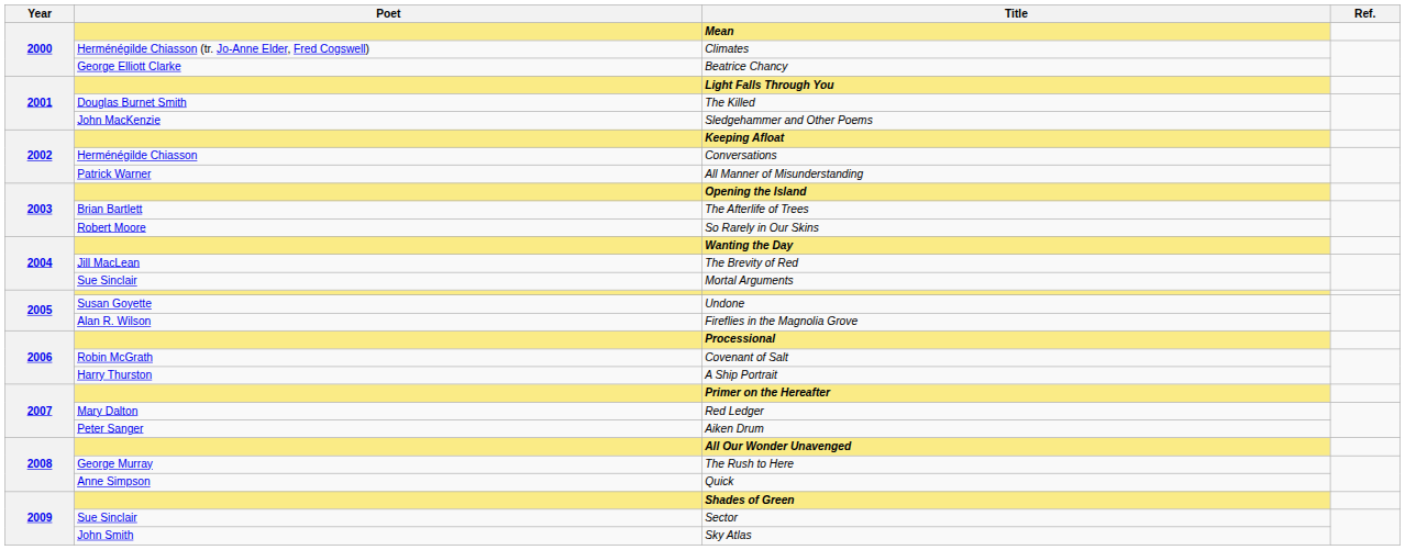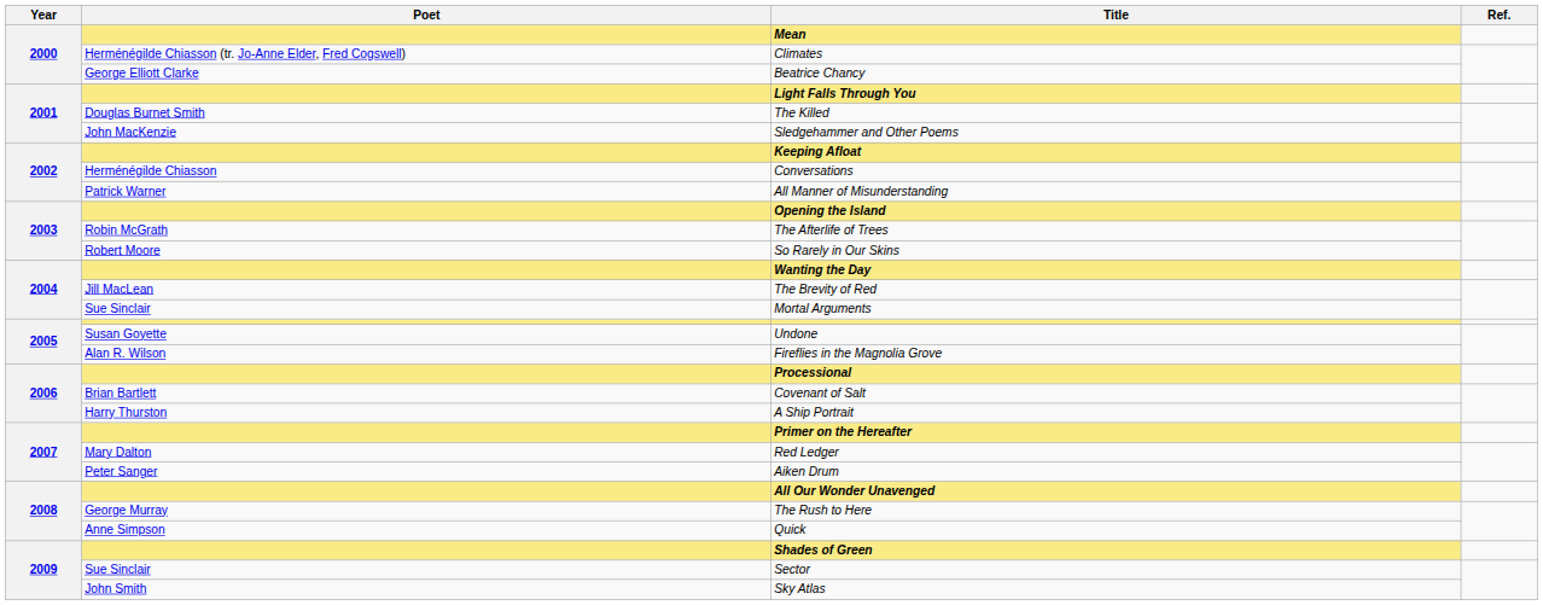 <table class="wikitable" width=100%>
 <tr>
 <th width=5%>Year</th>
 <th width=45%>Poet</th>
 <th width=45%>Title</th>
 <th width=5%>Ref.</th>
 </tr>
 <tr>
 <th rowspan=3><a href='#'>2000</a></th>
 <td style=background:#FAEB86><strong></strong></td>
 <td style=background:#FAEB86><strong><em>Mean</em></strong></td>
 <td></td>
 </tr>
 <tr>
 <td><a href='#'>Herménégilde Chiasson</a> (tr. <a href='#'>Jo-Anne Elder</a>, <a href='#'>Fred Cogswell</a>)</td>
 <td><em>Climates</em></td>
 <td rowspan=2></td>
 </tr>
 <tr>
 <td><a href='#'>George Elliott Clarke</a></td>
 <td><em>Beatrice Chancy</em></td>
 </tr>
 <tr>
 <th rowspan=3><a href='#'>2001</a></th>
 <td style=background:#FAEB86><strong></strong></td>
 <td style=background:#FAEB86><strong><em>Light Falls Through You</em></strong></td>
 <td></td>
 </tr>
 <tr>
 <td><a href='#'>Douglas Burnet Smith</a></td>
 <td><em>The Killed</em></td>
 <td rowspan=2></td>
 </tr>
 <tr>
 <td><a href='#'>John MacKenzie</a></td>
 <td><em>Sledgehammer and Other Poems</em></td>
 </tr>
 <tr>
 <th rowspan=3><a href='#'>2002</a></th>
 <td style=background:#FAEB86><strong></strong></td>
 <td style=background:#FAEB86><strong><em>Keeping Afloat</em></strong></td>
 <td></td>
 </tr>
 <tr>
 <td><a href='#'>Herménégilde Chiasson</a></td>
 <td><em>Conversations</em></td>
 <td rowspan=2></td>
 </tr>
 <tr>
 <td><a href='#'>Patrick Warner</a></td>
 <td><em>All Manner of Misunderstanding</em></td>
 </tr>
 <tr>
 <th rowspan=3><a href='#'>2003</a></th>
 <td style=background:#FAEB86><strong></strong></td>
 <td style=background:#FAEB86><strong><em>Opening the Island</em></strong></td>
 <td></td>
 </tr>
 <tr>
-<td><a href='#'>Brian Bartlett</a></td>
+<td><a href='#'>Robin McGrath</a></td>
 <td><em>The Afterlife of Trees</em></td>
 <td rowspan=2></td>
 </tr>
 <tr>
 <td><a href='#'>Robert Moore</a></td>
 <td><em>So Rarely in Our Skins</em></td>
 </tr>
 <tr>
 <th rowspan=3><a href='#'>2004</a></th>
 <td style=background:#FAEB86><strong></strong></td>
 <td style=background:#FAEB86><strong><em>Wanting the Day</em></strong></td>
 <td></td>
 </tr>
 <tr>
 <td><a href='#'>Jill MacLean</a></td>
 <td><em>The Brevity of Red</em></td>
 <td rowspan=2></td>
 </tr>
 <tr>
 <td><a href='#'>Sue Sinclair</a></td>
 <td><em>Mortal Arguments</em></td>
 </tr>
 <tr>
 <th rowspan=3><a href='#'>2005</a></th>
 <td style=background:#FAEB86><strong></strong></td>
 <td style=background:#FAEB86><strong><em></em></strong></td>
 <td></td>
 </tr>
 <tr>
 <td><a href='#'>Susan Goyette</a></td>
 <td><em>Undone</em></td>
 <td rowspan=2></td>
 </tr>
 <tr>
 <td><a href='#'>Alan R. Wilson</a></td>
 <td><em>Fireflies in the Magnolia Grove</em></td>
 </tr>
 <tr>
 <th rowspan=3><a href='#'>2006</a></th>
 <td style=background:#FAEB86><strong></strong></td>
 <td style=background:#FAEB86><strong><em>Processional</em></strong></td>
 <td></td>
 </tr>
 <tr>
-<td><a href='#'>Robin McGrath</a></td>
+<td><a href='#'>Brian Bartlett</a></td>
 <td><em>Covenant of Salt</em></td>
 <td rowspan=2></td>
 </tr>
 <tr>
 <td><a href='#'>Harry Thurston</a></td>
 <td><em>A Ship Portrait</em></td>
 </tr>
 <tr>
 <th rowspan=3><a href='#'>2007</a></th>
 <td style=background:#FAEB86><strong></strong></td>
 <td style=background:#FAEB86><strong><em>Primer on the Hereafter</em></strong></td>
 <td></td>
 </tr>
 <tr>
 <td><a href='#'>Mary Dalton</a></td>
 <td><em>Red Ledger</em></td>
 <td rowspan=2></td>
 </tr>
 <tr>
 <td><a href='#'>Peter Sanger</a></td>
 <td><em>Aiken Drum</em></td>
 </tr>
 <tr>
 <th rowspan=3><a href='#'>2008</a></th>
 <td style=background:#FAEB86><strong></strong></td>
 <td style=background:#FAEB86><strong><em>All Our Wonder Unavenged</em></strong></td>
 <td></td>
 </tr>
 <tr>
 <td><a href='#'>George Murray</a></td>
 <td><em>The Rush to Here</em></td>
 <td rowspan=2></td>
 </tr>
 <tr>
 <td><a href='#'>Anne Simpson</a></td>
 <td><em>Quick</em></td>
 </tr>
 <tr>
 <th rowspan=3><a href='#'>2009</a></th>
 <td style=background:#FAEB86><strong></strong></td>
 <td style=background:#FAEB86><strong><em>Shades of Green</em></strong></td>
 <td></td>
 </tr>
 <tr>
 <td><a href='#'>Sue Sinclair</a></td>
 <td><em>Sector</em></td>
 <td rowspan=2></td>
 </tr>
 <tr>
 <td><a href='#'>John Smith</a></td>
 <td><em>Sky Atlas</em></td>
 </tr>
 </table>
